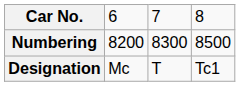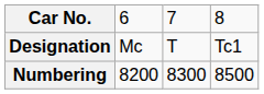 <table class="wikitable">
 <tr>
 <th>Car No.</th>
 <td>6</td>
 <td>7</td>
 <td>8</td>
 </tr>
 <tr>
+<th>Designation</th>
+<td>Mc</td>
+<td>T</td>
+<td>Tc1</td>
+</tr>
+<tr>
 <th>Numbering</th>
 <td>8200</td>
 <td>8300</td>
 <td>8500</td>
 </tr>
-<tr>
-<th>Designation</th>
-<td>Mc</td>
-<td>T</td>
-<td>Tc1</td>
-</tr>
 </table>
